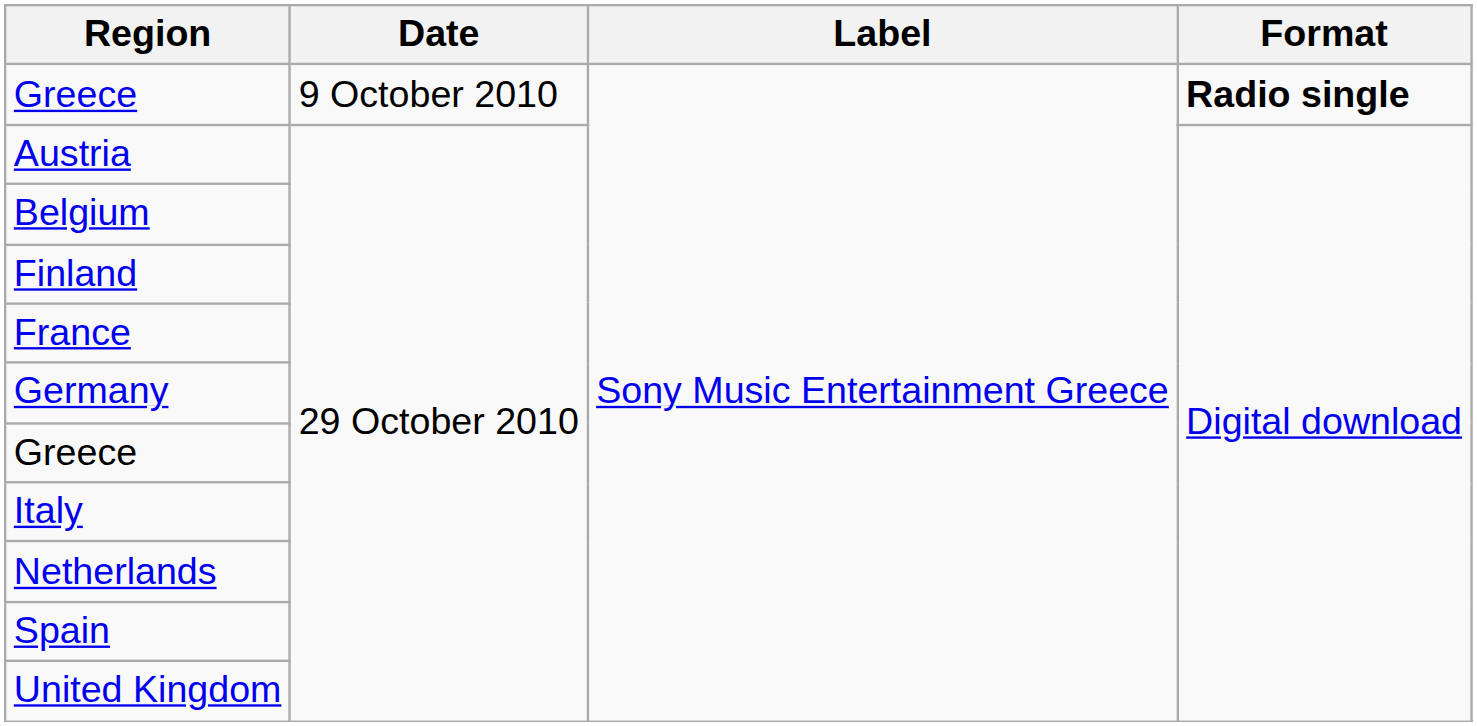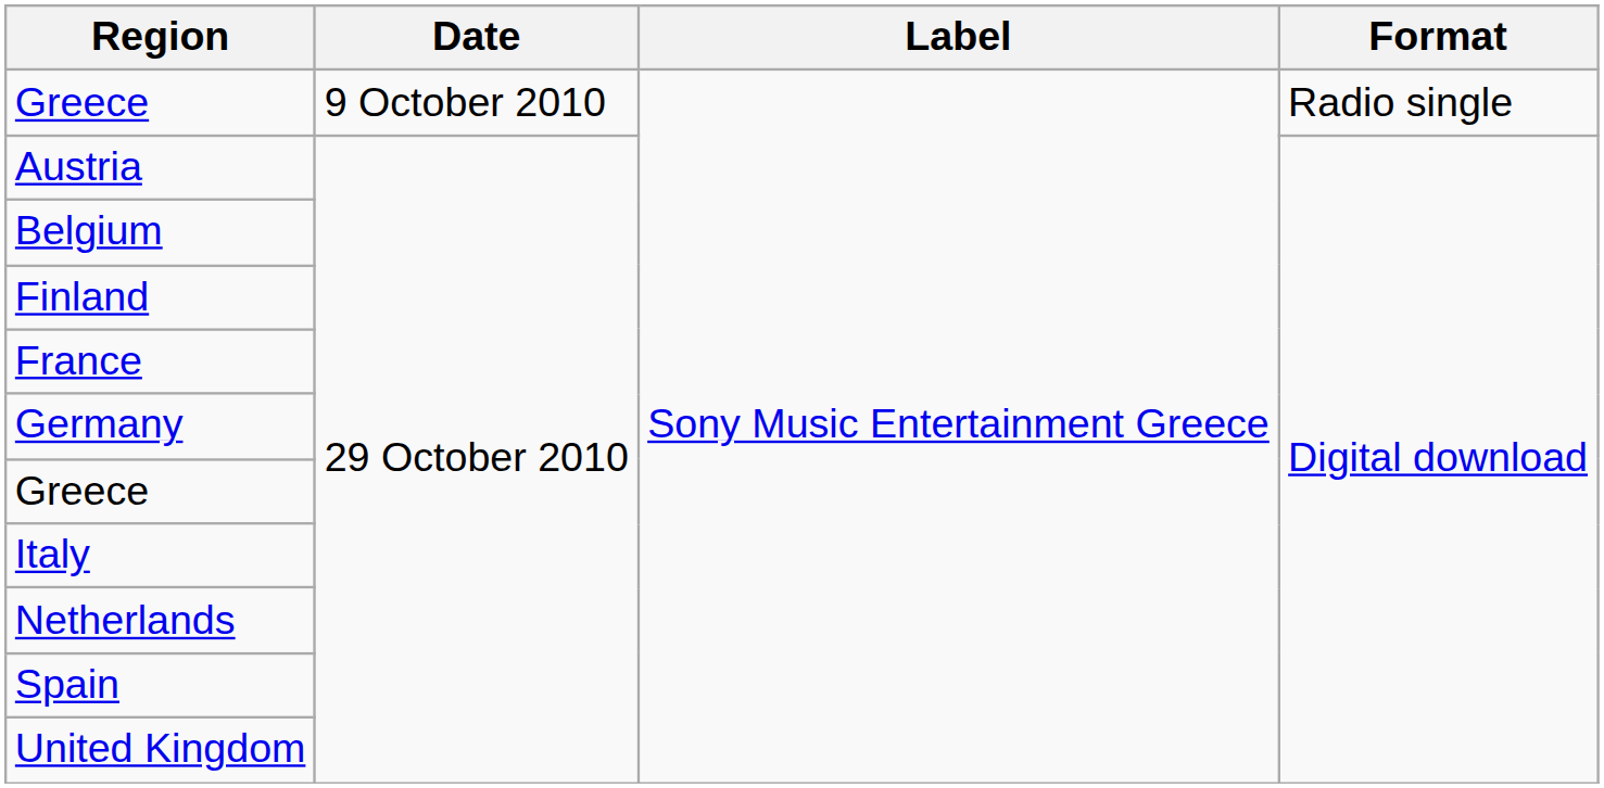 <table class="sortable wikitable">
 <tr>
 <th>Region</th>
 <th>Date</th>
 <th>Label</th>
 <th>Format</th>
 </tr>
 <tr>
 <td><a href='#'>Greece</a></td>
 <td>9 October 2010</td>
 <td rowspan="11"><a href='#'>Sony Music Entertainment Greece</a></td>
-<td><strong>Radio single</strong></td>
+<td>Radio single</td>
 </tr>
 <tr>
 <td><a href='#'>Austria</a></td>
 <td rowspan="10">29 October 2010</td>
 <td rowspan="10"><a href='#'>Digital download</a></td>
 </tr>
 <tr>
 <td><a href='#'>Belgium</a></td>
 </tr>
 <tr>
 <td><a href='#'>Finland</a></td>
 </tr>
 <tr>
 <td><a href='#'>France</a></td>
 </tr>
 <tr>
 <td><a href='#'>Germany</a></td>
 </tr>
 <tr>
 <td>Greece</td>
 </tr>
 <tr>
 <td><a href='#'>Italy</a></td>
 </tr>
 <tr>
 <td><a href='#'>Netherlands</a></td>
 </tr>
 <tr>
 <td><a href='#'>Spain</a></td>
 </tr>
 <tr>
 <td><a href='#'>United Kingdom</a></td>
 </tr>
 <tr>
 </tr>
 </table>
